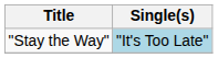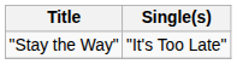 <table class="wikitable">
 <tr>
 <th>Title</th>
 <th>Single(s)</th>
 </tr>
 <tr>
 <td>"Stay the Way"</td>
-<td style="background: lightblue;">"It's Too Late"</td>
+<td>"It's Too Late"</td>
 </tr>
 <tr>
 </tr>
 </table>
